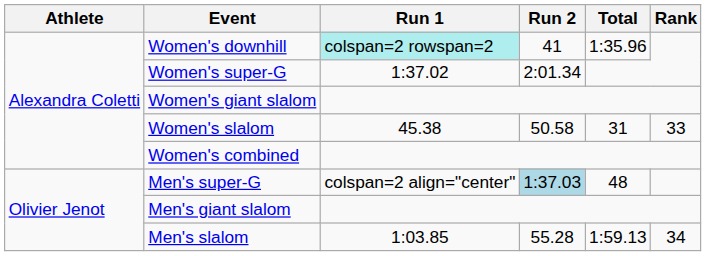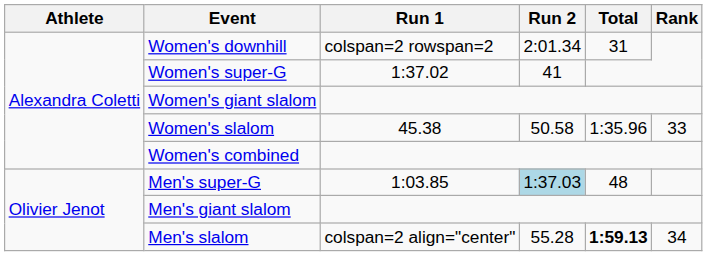 <table class="wikitable" style="font-size:90%">
 <tr>
 <th>Athlete</th>
 <th>Event</th>
 <th>Run 1</th>
 <th>Run 2</th>
 <th>Total</th>
 <th>Rank</th>
 </tr>
 <tr>
 <td rowspan=5><a href='#'>Alexandra Coletti</a></td>
 <td><a href='#'>Women's downhill</a></td>
-<td style="background: paleturquoise;">colspan=2 rowspan=2 </td>
-<td align="center">41</td>
-<td align="center">1:35.96</td>
+<td>colspan=2 rowspan=2 </td>
+<td align="center">2:01.34</td>
+<td align="center">31</td>
 </tr>
 <tr>
 <td><a href='#'>Women's super-G</a></td>
 <td align="center">1:37.02</td>
-<td align="center">2:01.34</td>
+<td align="center">41</td>
 </tr>
 <tr>
 <td><a href='#'>Women's giant slalom</a></td>
 <td colspan=4 align="center"></td>
 </tr>
 <tr>
 <td><a href='#'>Women's slalom</a></td>
 <td align="center">45.38</td>
 <td align="center">50.58</td>
-<td align="center">31</td>
+<td align="center">1:35.96</td>
 <td align="center">33</td>
 </tr>
 <tr>
 <td><a href='#'>Women's combined</a></td>
 <td colspan=4 align="center"></td>
 </tr>
 <tr>
 <td rowspan=3><a href='#'>Olivier Jenot</a></td>
 <td><a href='#'>Men's super-G</a></td>
-<td>colspan=2 align="center" </td>
+<td align="center">1:03.85</td>
 <td align="center" style="background: lightblue;">1:37.03</td>
 <td align="center">48</td>
 </tr>
 <tr>
 <td><a href='#'>Men's giant slalom</a></td>
 <td colspan=4 align="center"></td>
 </tr>
 <tr>
 <td><a href='#'>Men's slalom</a></td>
-<td align="center">1:03.85</td>
+<td>colspan=2 align="center" </td>
 <td align="center">55.28</td>
-<td align="center">1:59.13</td>
+<td align="center"><strong>1:59.13</strong></td>
 <td align="center">34</td>
 </tr>
 </table>
